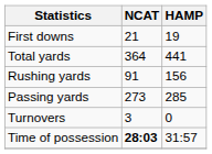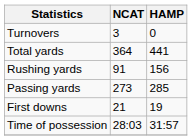 <table class="wikitable" style="float: left;">
 <tr>
 <th>Statistics</th>
 <th>NCAT</th>
 <th>HAMP</th>
 </tr>
 <tr>
-<td>First downs</td>
-<td>21</td>
-<td>19</td>
+<td>Turnovers</td>
+<td>3</td>
+<td>0</td>
 </tr>
 <tr>
 <td>Total yards</td>
 <td>364</td>
 <td>441</td>
 </tr>
 <tr>
 <td>Rushing yards</td>
 <td>91</td>
 <td>156</td>
 </tr>
 <tr>
 <td>Passing yards</td>
 <td>273</td>
 <td>285</td>
 </tr>
 <tr>
-<td>Turnovers</td>
-<td>3</td>
-<td>0</td>
+<td>First downs</td>
+<td>21</td>
+<td>19</td>
 </tr>
 <tr>
 <td>Time of possession</td>
-<td><strong>28:03</strong></td>
+<td>28:03</td>
 <td>31:57</td>
 </tr>
 <tr>
 </tr>
 </table>
